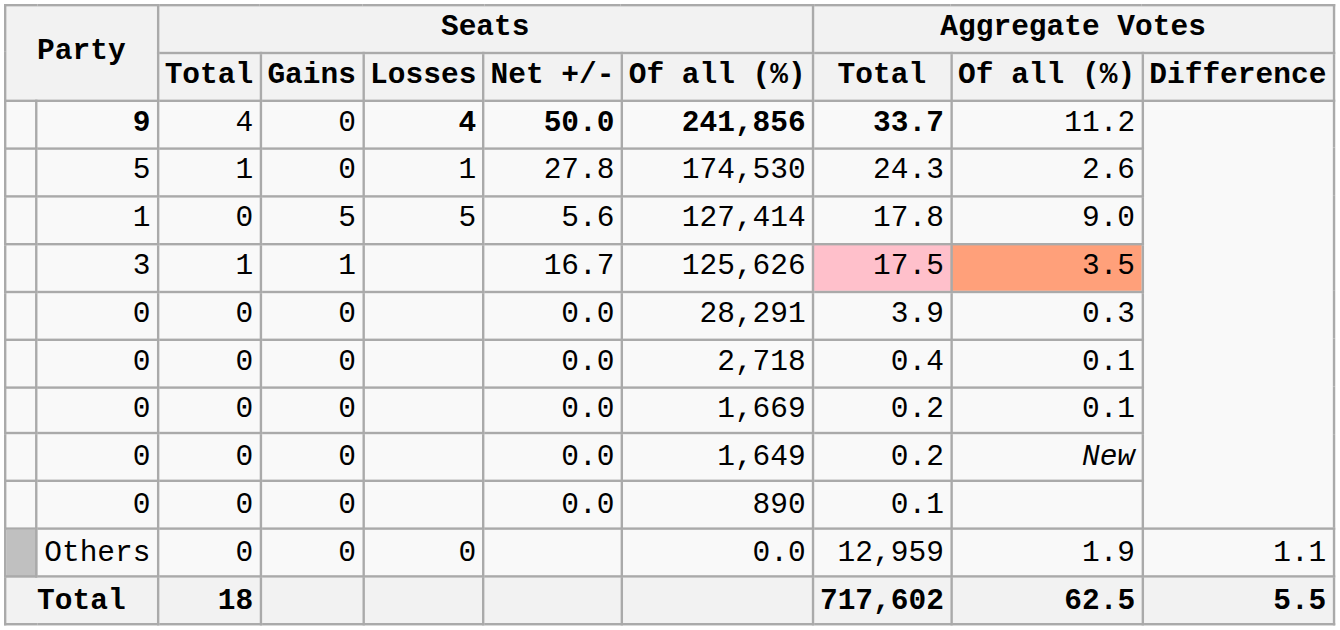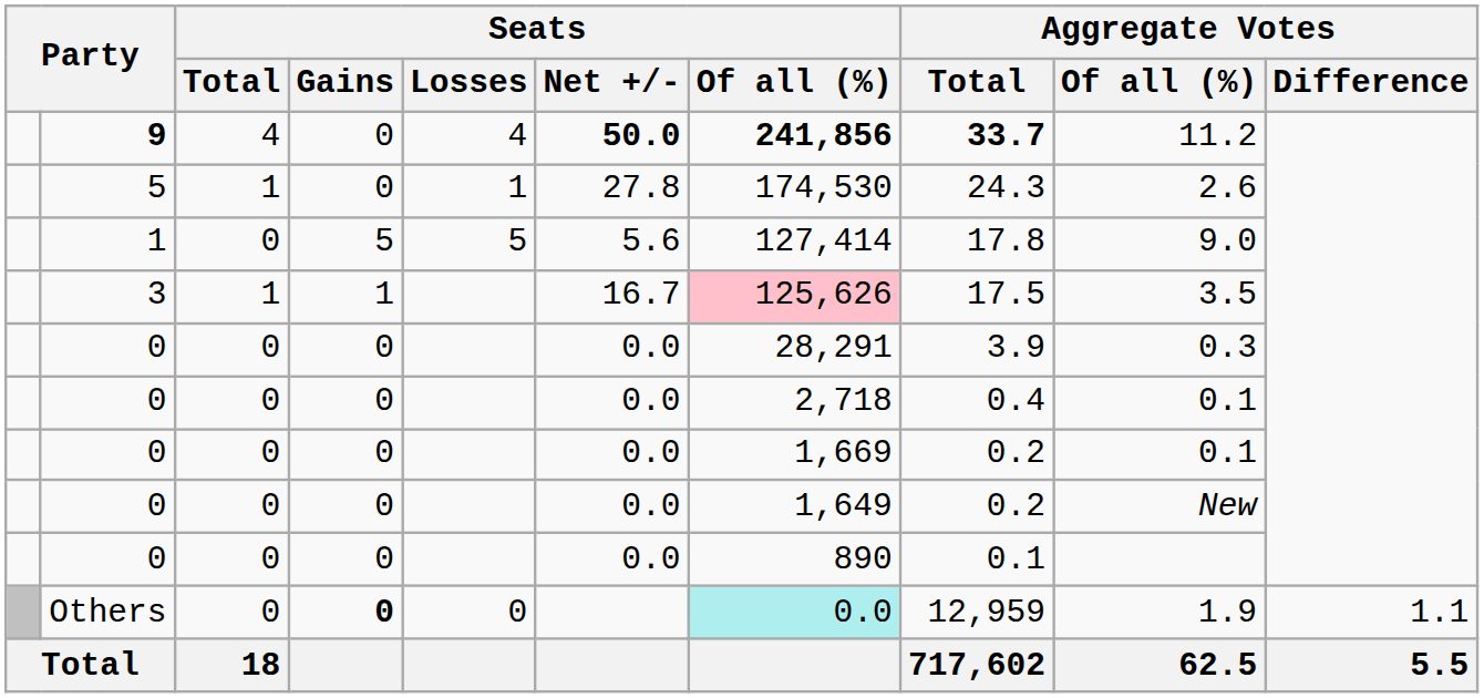 <table class="wikitable sortable" style="text-align:right; font-size:95%;">
 <tr>
 <th colspan="2" rowspan="2">Party</th>
 <th colspan="5">Seats</th>
 <th colspan="3">Aggregate Votes</th>
 </tr>
 <tr>
 <th>Total</th>
 <th>Gains</th>
 <th>Losses</th>
 <th>Net +/-</th>
 <th>Of all (%)</th>
 <th>Total</th>
 <th>Of all (%)</th>
 <th>Difference</th>
 </tr>
 <tr>
 <td></td>
 <td><strong>9</strong></td>
 <td>4</td>
 <td>0</td>
-<td><strong>4</strong></td>
+<td>4</td>
 <td><strong>50.0</strong></td>
 <td><strong>241,856</strong></td>
 <td><strong>33.7</strong></td>
 <td>11.2</td>
 </tr>
 <tr>
 <td></td>
 <td>5</td>
 <td>1</td>
 <td>0</td>
 <td>1</td>
 <td>27.8</td>
 <td>174,530</td>
 <td>24.3</td>
 <td>2.6</td>
 </tr>
 <tr>
 <td></td>
 <td>1</td>
 <td>0</td>
 <td>5</td>
 <td>5</td>
 <td>5.6</td>
 <td>127,414</td>
 <td>17.8</td>
 <td>9.0</td>
 </tr>
 <tr>
 <td></td>
 <td>3</td>
 <td>1</td>
 <td>1</td>
 <td></td>
 <td>16.7</td>
-<td>125,626</td>
-<td style="background: pink;">17.5</td>
-<td style="background: lightsalmon;">3.5</td>
+<td style="background: pink;">125,626</td>
+<td>17.5</td>
+<td>3.5</td>
 </tr>
 <tr>
 <td></td>
 <td>0</td>
 <td>0</td>
 <td>0</td>
 <td></td>
 <td>0.0</td>
 <td>28,291</td>
 <td>3.9</td>
 <td>0.3</td>
 </tr>
 <tr>
 <td></td>
 <td>0</td>
 <td>0</td>
 <td>0</td>
 <td></td>
 <td>0.0</td>
 <td>2,718</td>
 <td>0.4</td>
 <td>0.1</td>
 </tr>
 <tr>
 <td></td>
 <td>0</td>
 <td>0</td>
 <td>0</td>
 <td></td>
 <td>0.0</td>
 <td>1,669</td>
 <td>0.2</td>
 <td>0.1</td>
 </tr>
 <tr>
 <td></td>
 <td>0</td>
 <td>0</td>
 <td>0</td>
 <td></td>
 <td>0.0</td>
 <td>1,649</td>
 <td>0.2</td>
 <td><em>New</em></td>
 </tr>
 <tr>
 <td></td>
 <td>0</td>
 <td>0</td>
 <td>0</td>
 <td></td>
 <td>0.0</td>
 <td>890</td>
 <td>0.1</td>
 <td></td>
 </tr>
 <tr>
 <td style="background:silver;"> </td>
 <td align=left>Others</td>
 <td>0</td>
-<td>0</td>
+<td><strong>0</strong></td>
 <td>0</td>
 <td></td>
-<td>0.0</td>
+<td style="background: paleturquoise;">0.0</td>
 <td>12,959</td>
 <td>1.9</td>
 <td>1.1</td>
 </tr>
 <tr class="sortbottom">
 <th colspan="2" style="background:#f2f2f2"><strong>Total</strong></th>
 <td style="background:#f2f2f2;"><strong>18</strong></td>
 <td style="background:#f2f2f2;"></td>
 <td style="background:#f2f2f2;"></td>
 <td style="background:#f2f2f2;"></td>
 <td style="background:#f2f2f2;"></td>
 <td style="background:#f2f2f2;"><strong>717,602</strong></td>
 <td style="background:#f2f2f2;"><strong>62.5</strong></td>
 <td style="background:#f2f2f2;"><strong>5.5</strong></td>
 </tr>
 </table>
